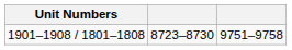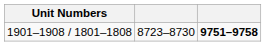 <table class="wikitable">
 <tr>
 <th>Unit Numbers</th>
 <th></th>
 <th></th>
 </tr>
 <tr>
 <td>1901–1908 / 1801–1808</td>
 <td>8723–8730</td>
-<td>9751–9758</td>
+<td><strong>9751–9758</strong></td>
 </tr>
 </table>
